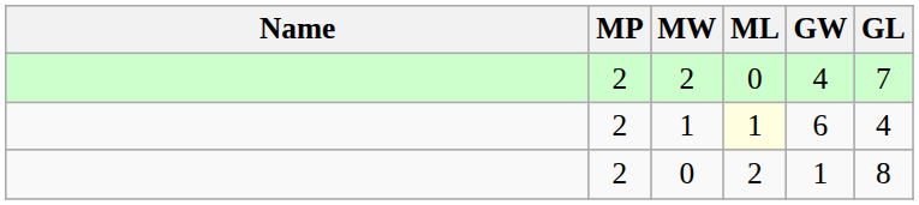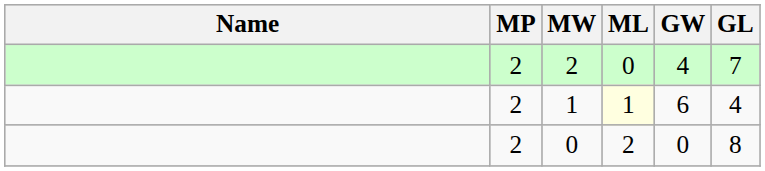 <table class=wikitable style="text-align:center">
 <tr>
 <th width=300>Name</th>
 <th width=20>MP</th>
 <th width=20>MW</th>
 <th width=20>ML</th>
 <th width=20>GW</th>
 <th width=20>GL</th>
 </tr>
 <tr style="background-color:#ccffcc;">
 <td style="text-align:left;"><strong></strong></td>
 <td>2</td>
 <td>2</td>
 <td>0</td>
 <td>4</td>
 <td>7</td>
 </tr>
 <tr>
 <td style="text-align:left;"></td>
 <td>2</td>
 <td>1</td>
 <td style="background: lightyellow;">1</td>
 <td>6</td>
 <td>4</td>
 </tr>
 <tr>
 <td style="text-align:left;"></td>
 <td>2</td>
 <td>0</td>
 <td>2</td>
-<td>1</td>
+<td>0</td>
 <td>8</td>
 </tr>
 </table>
